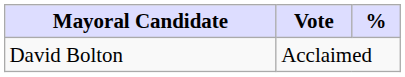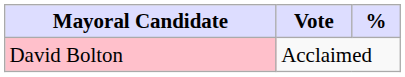 <table class="wikitable">
 <tr>
 <th style="background:#ddf; width:200px;">Mayoral Candidate </th>
 <th style="background:#ddf; width:50px;">Vote</th>
 <th style="background:#ddf; width:30px;">%</th>
 </tr>
 <tr>
-<td>David Bolton</td>
+<td style="background: pink;">David Bolton</td>
 <td colspan="2">Acclaimed</td>
 </tr>
 </table>
